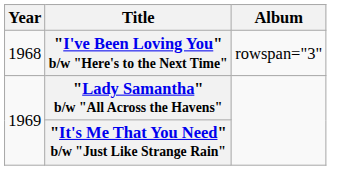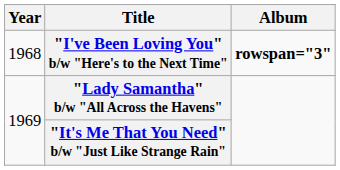 <table class="wikitable plainrowheaders" style="text-align:center;">
 <tr>
 <th scope="col">Year</th>
 <th scope="col">Title</th>
 <th scope="col">Album</th>
 </tr>
 <tr>
 <td>1968</td>
 <th scope="row">"<a href='#'>I've Been Loving You</a>"<br><small>b/w "Here's to the Next Time"</small></th>
-<td>rowspan="3" </td>
+<td><strong>rowspan="3" </strong></td>
 </tr>
 <tr>
 <td rowspan="2">1969</td>
 <th scope="row">"<a href='#'>Lady Samantha</a>"<br><small>b/w "All Across the Havens"</small></th>
 </tr>
 <tr>
 <th scope="row">"<a href='#'>It's Me That You Need</a>"<br><small>b/w "Just Like Strange Rain"</small></th>
 </tr>
 </table>
